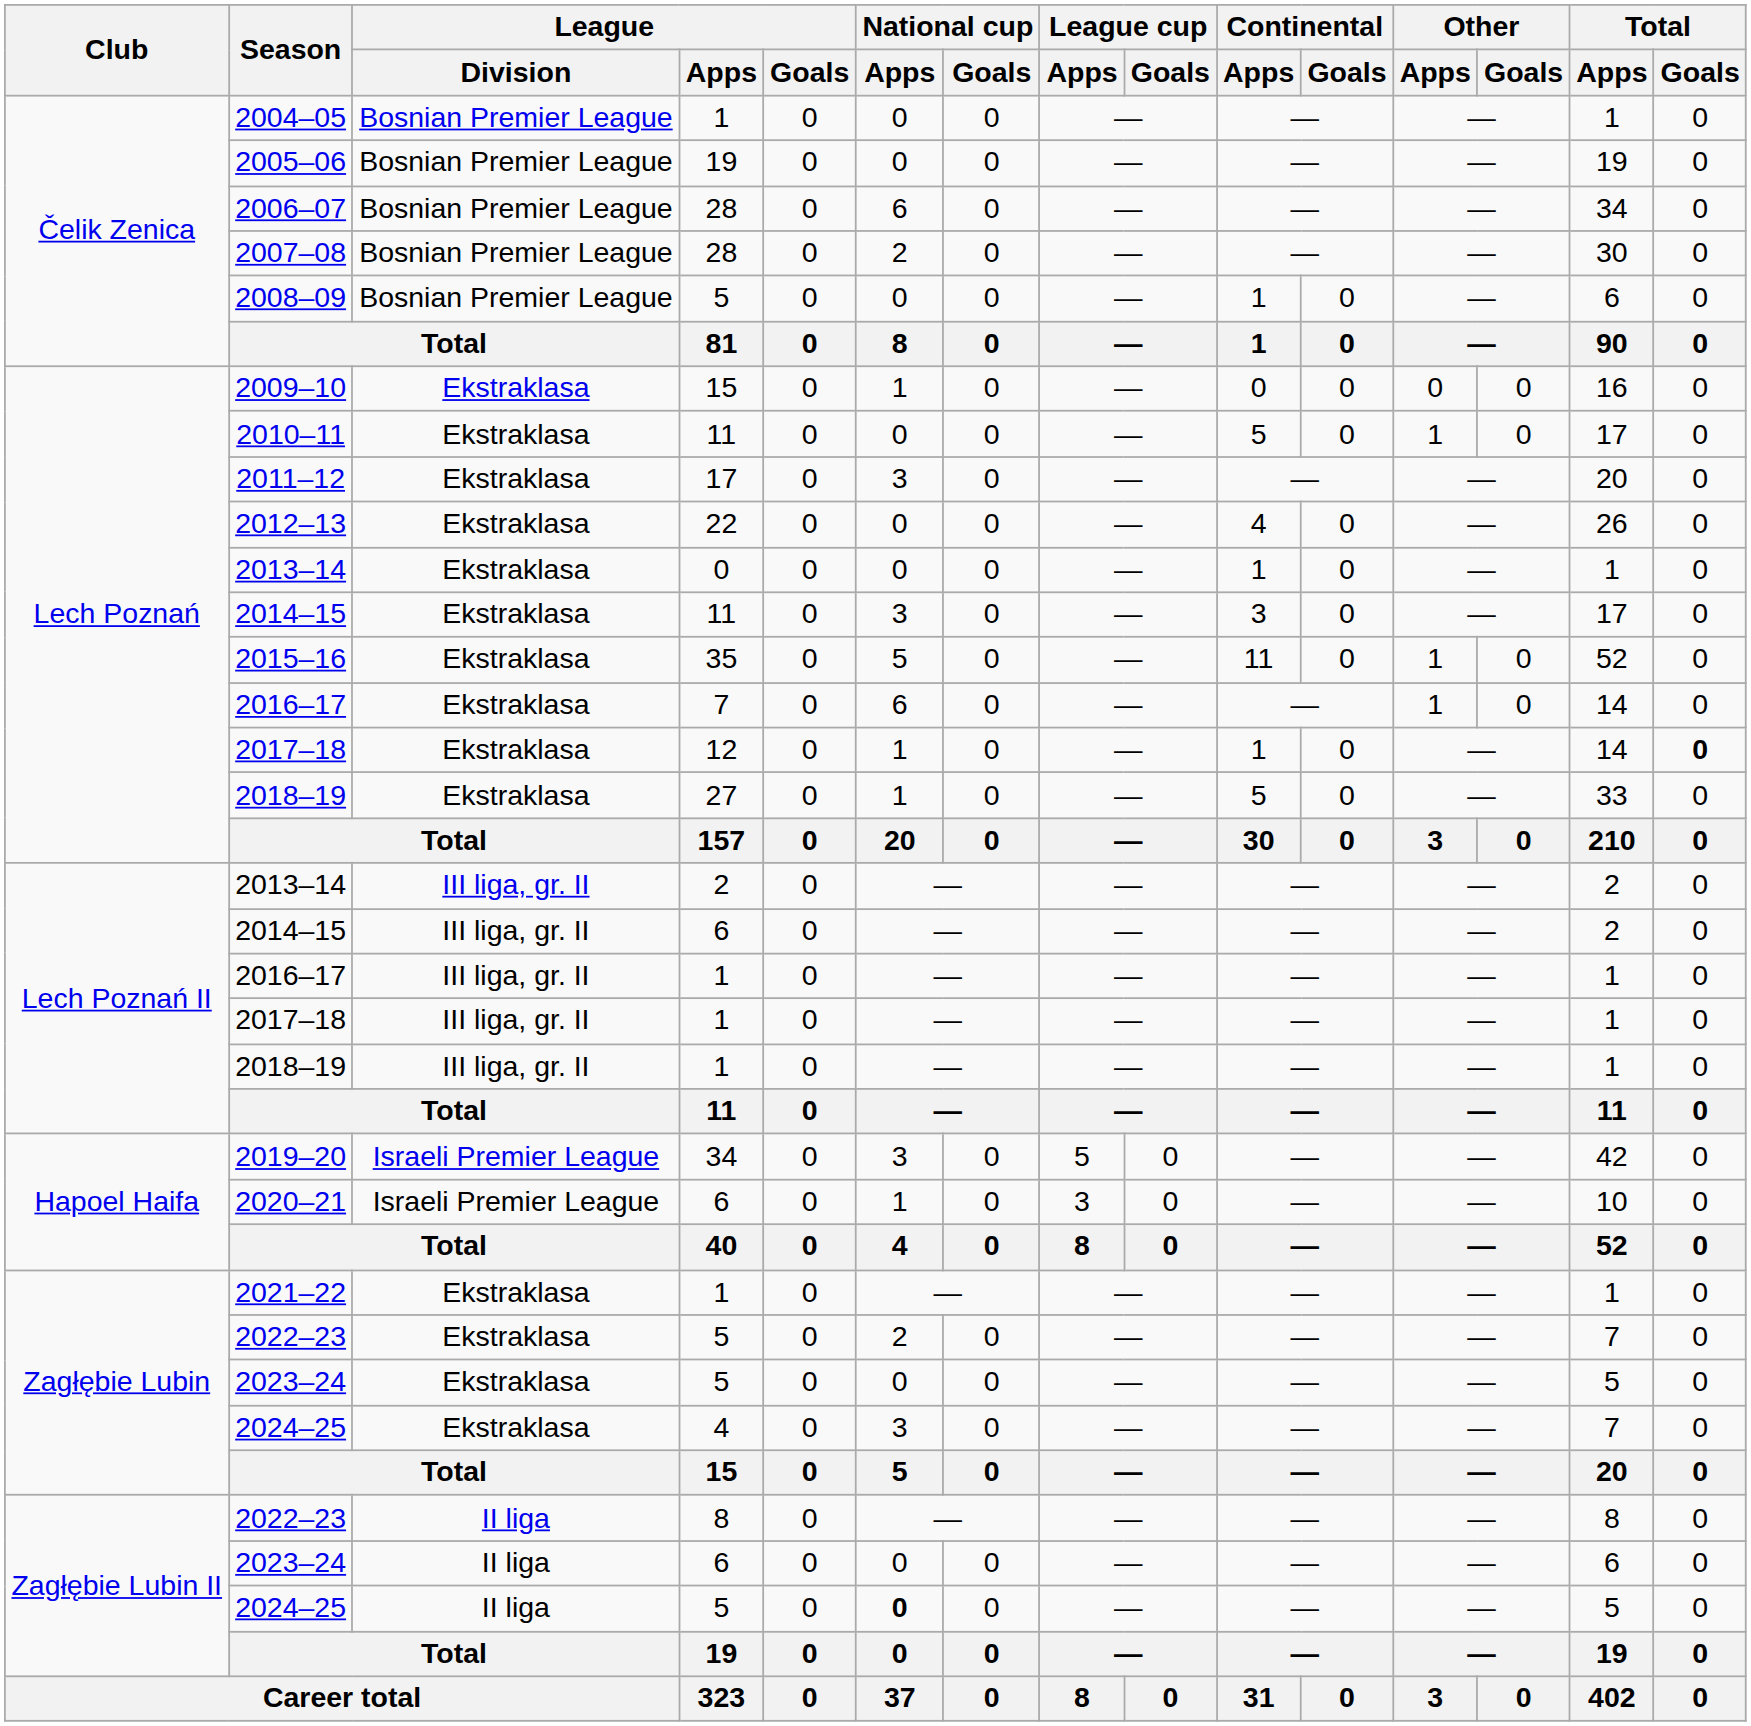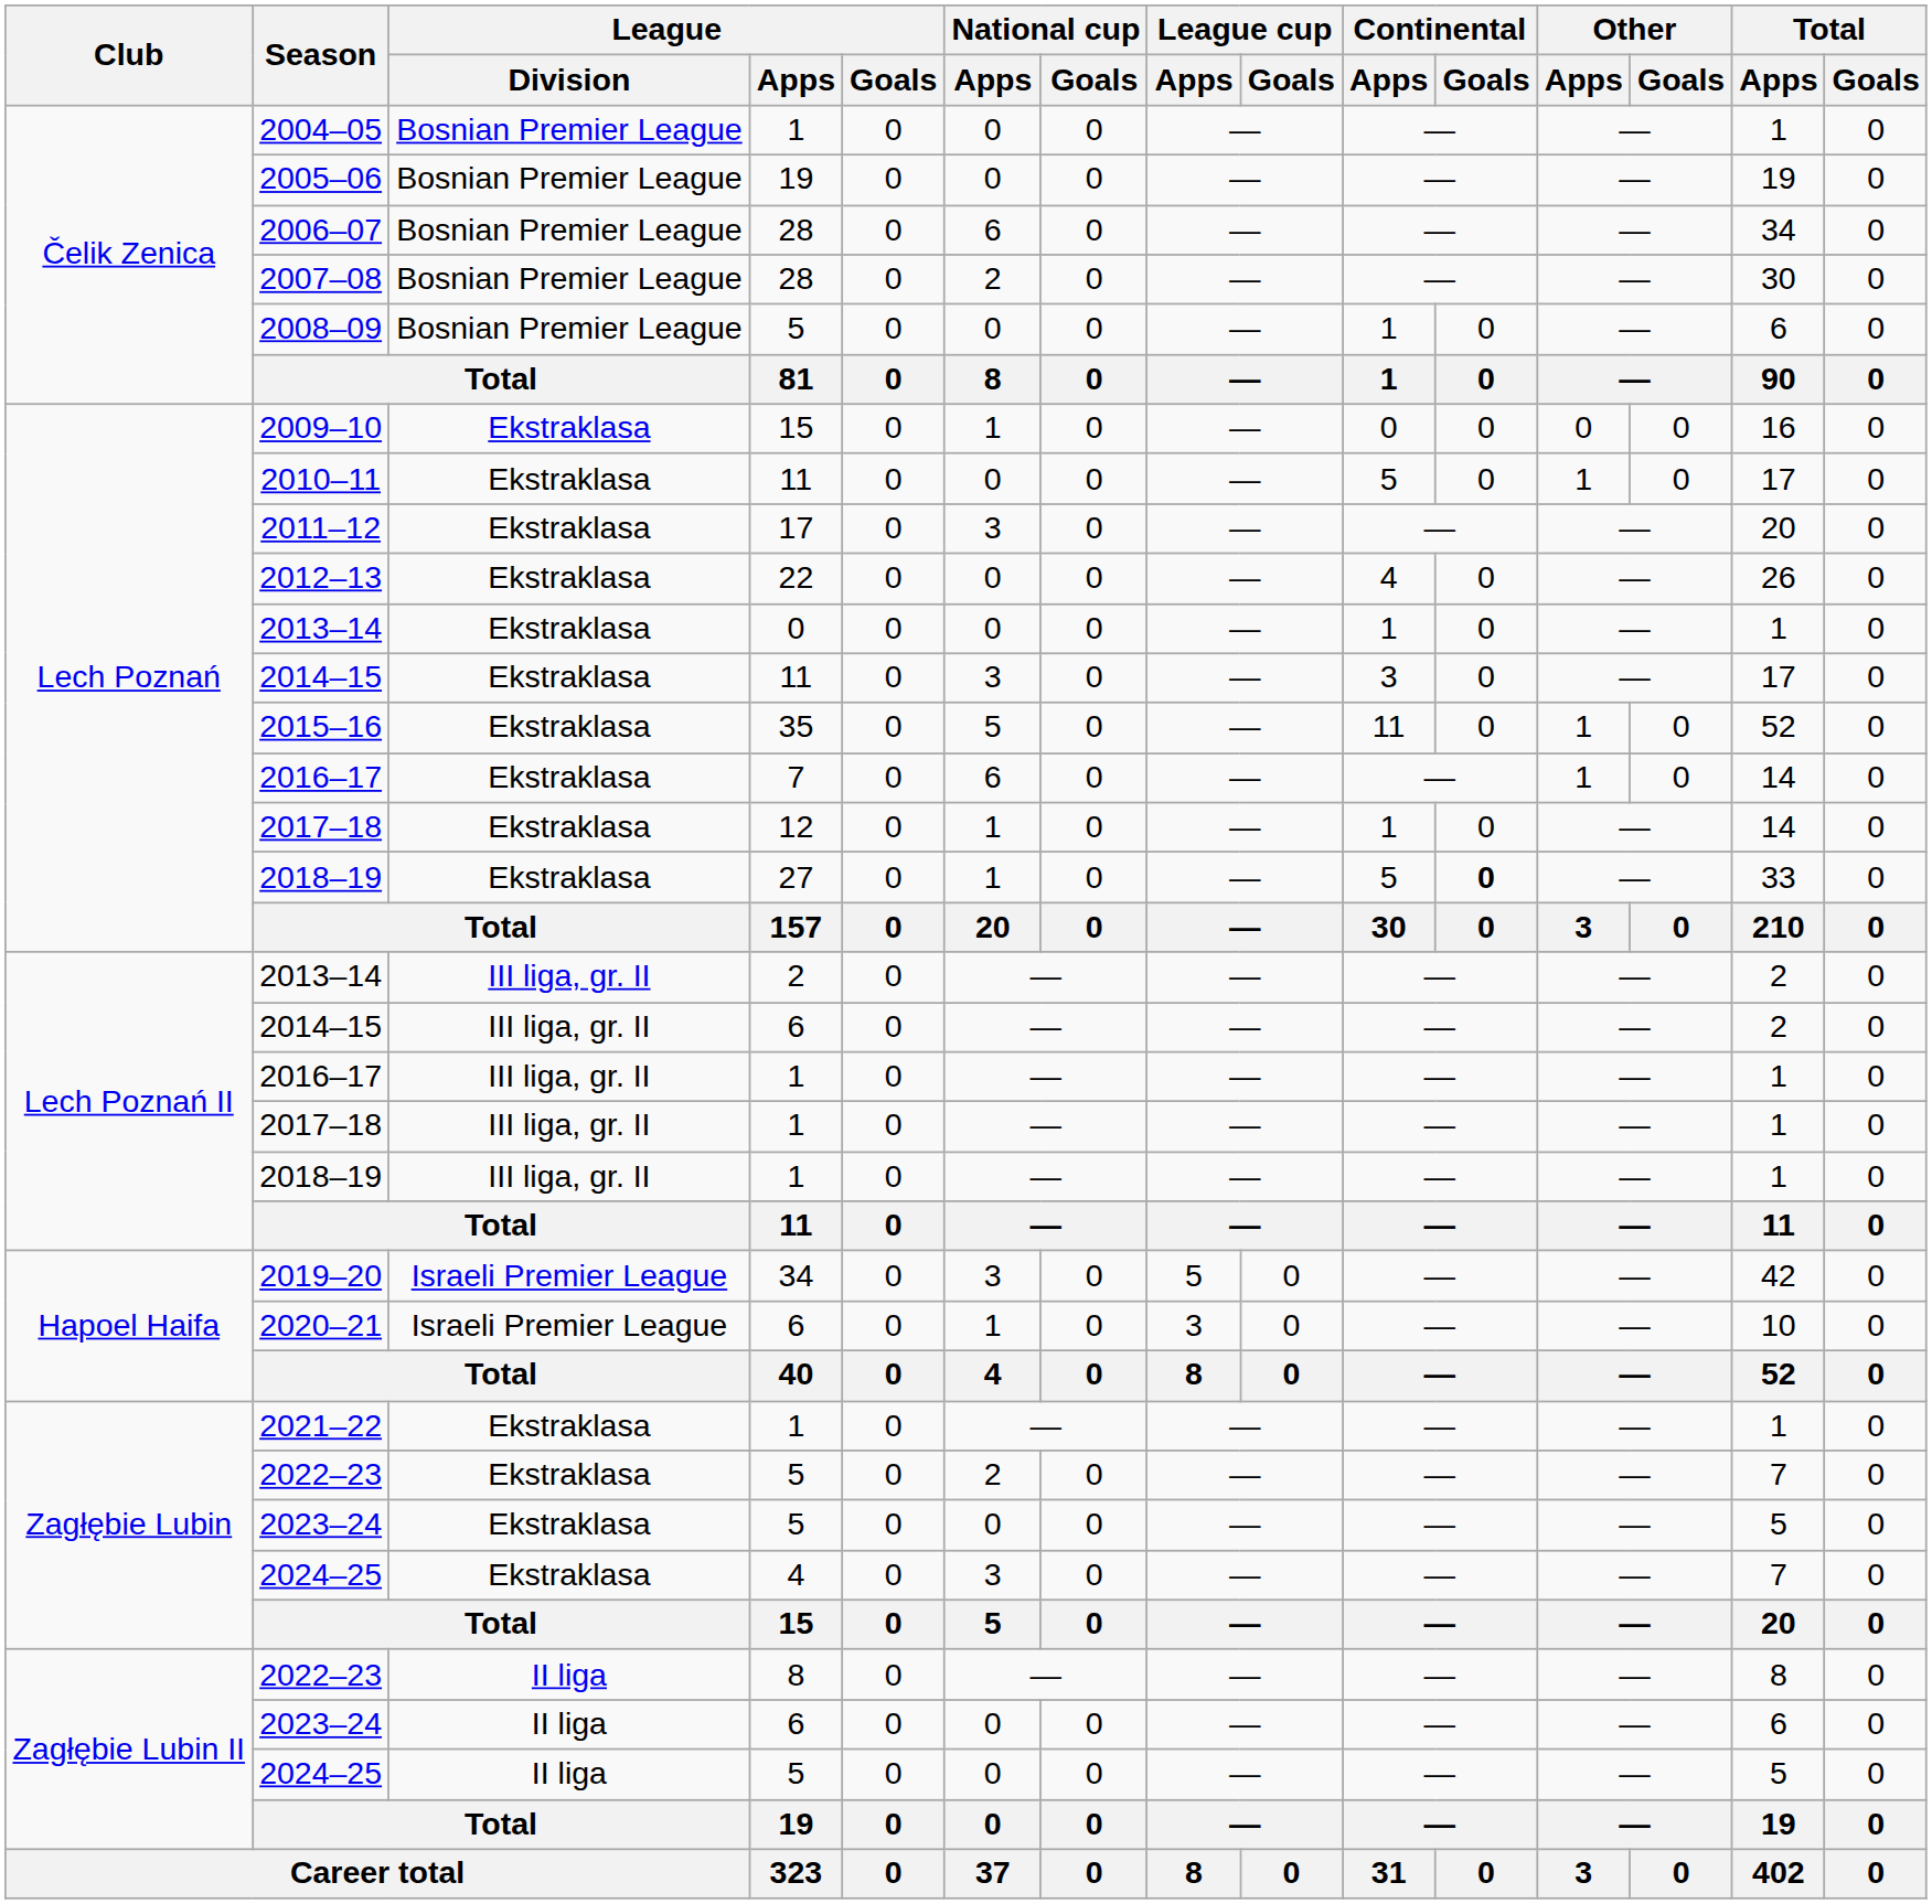 <table class="wikitable" style="text-align:center">
 <tr>
 <th rowspan=2>Club</th>
 <th rowspan=2>Season</th>
 <th colspan=3>League</th>
 <th colspan=2>National cup</th>
 <th colspan=2>League cup</th>
 <th colspan=2>Continental</th>
 <th colspan=2>Other</th>
 <th colspan=2>Total</th>
 </tr>
 <tr>
 <th>Division</th>
 <th>Apps</th>
 <th>Goals</th>
 <th>Apps</th>
 <th>Goals</th>
 <th>Apps</th>
 <th>Goals</th>
 <th>Apps</th>
 <th>Goals</th>
 <th>Apps</th>
 <th>Goals</th>
 <th>Apps</th>
 <th>Goals</th>
 </tr>
 <tr>
 <td rowspan=6><a href='#'>Čelik Zenica</a></td>
 <td><a href='#'>2004–05</a></td>
 <td><a href='#'>Bosnian Premier League</a></td>
 <td>1</td>
 <td>0</td>
 <td>0</td>
 <td>0</td>
 <td colspan=2>—</td>
 <td colspan=2>—</td>
 <td colspan=2>—</td>
 <td>1</td>
 <td>0</td>
 </tr>
 <tr>
 <td><a href='#'>2005–06</a></td>
 <td>Bosnian Premier League</td>
 <td>19</td>
 <td>0</td>
 <td>0</td>
 <td>0</td>
 <td colspan=2>—</td>
 <td colspan=2>—</td>
 <td colspan=2>—</td>
 <td>19</td>
 <td>0</td>
 </tr>
 <tr>
 <td><a href='#'>2006–07</a></td>
 <td>Bosnian Premier League</td>
 <td>28</td>
 <td>0</td>
 <td>6</td>
 <td>0</td>
 <td colspan=2>—</td>
 <td colspan=2>—</td>
 <td colspan=2>—</td>
 <td>34</td>
 <td>0</td>
 </tr>
 <tr>
 <td><a href='#'>2007–08</a></td>
 <td>Bosnian Premier League</td>
 <td>28</td>
 <td>0</td>
 <td>2</td>
 <td>0</td>
 <td colspan=2>—</td>
 <td colspan=2>—</td>
 <td colspan=2>—</td>
 <td>30</td>
 <td>0</td>
 </tr>
 <tr>
 <td><a href='#'>2008–09</a></td>
 <td>Bosnian Premier League</td>
 <td>5</td>
 <td>0</td>
 <td>0</td>
 <td>0</td>
 <td colspan=2>—</td>
 <td>1</td>
 <td>0</td>
 <td colspan=2>—</td>
 <td>6</td>
 <td>0</td>
 </tr>
 <tr>
 <th colspan=2>Total</th>
 <th>81</th>
 <th>0</th>
 <th>8</th>
 <th>0</th>
 <th colspan=2>—</th>
 <th>1</th>
 <th>0</th>
 <th colspan=2>—</th>
 <th>90</th>
 <th>0</th>
 </tr>
 <tr>
 <td rowspan=11><a href='#'>Lech Poznań</a></td>
 <td><a href='#'>2009–10</a></td>
 <td><a href='#'>Ekstraklasa</a></td>
 <td>15</td>
 <td>0</td>
 <td>1</td>
 <td>0</td>
 <td colspan=2>—</td>
 <td>0</td>
 <td>0</td>
 <td>0</td>
 <td>0</td>
 <td>16</td>
 <td>0</td>
 </tr>
 <tr>
 <td><a href='#'>2010–11</a></td>
 <td>Ekstraklasa</td>
 <td>11</td>
 <td>0</td>
 <td>0</td>
 <td>0</td>
 <td colspan=2>—</td>
 <td>5</td>
 <td>0</td>
 <td>1</td>
 <td>0</td>
 <td>17</td>
 <td>0</td>
 </tr>
 <tr>
 <td><a href='#'>2011–12</a></td>
 <td>Ekstraklasa</td>
 <td>17</td>
 <td>0</td>
 <td>3</td>
 <td>0</td>
 <td colspan=2>—</td>
 <td colspan=2>—</td>
 <td colspan=2>—</td>
 <td>20</td>
 <td>0</td>
 </tr>
 <tr>
 <td><a href='#'>2012–13</a></td>
 <td>Ekstraklasa</td>
 <td>22</td>
 <td>0</td>
 <td>0</td>
 <td>0</td>
 <td colspan=2>—</td>
 <td>4</td>
 <td>0</td>
 <td colspan=2>—</td>
 <td>26</td>
 <td>0</td>
 </tr>
 <tr>
 <td><a href='#'>2013–14</a></td>
 <td>Ekstraklasa</td>
 <td>0</td>
 <td>0</td>
 <td>0</td>
 <td>0</td>
 <td colspan=2>—</td>
 <td>1</td>
 <td>0</td>
 <td colspan=2>—</td>
 <td>1</td>
 <td>0</td>
 </tr>
 <tr>
 <td><a href='#'>2014–15</a></td>
 <td>Ekstraklasa</td>
 <td>11</td>
 <td>0</td>
 <td>3</td>
 <td>0</td>
 <td colspan=2>—</td>
 <td>3</td>
 <td>0</td>
 <td colspan=2>—</td>
 <td>17</td>
 <td>0</td>
 </tr>
 <tr>
 <td><a href='#'>2015–16</a></td>
 <td>Ekstraklasa</td>
 <td>35</td>
 <td>0</td>
 <td>5</td>
 <td>0</td>
 <td colspan=2>—</td>
 <td>11</td>
 <td>0</td>
 <td>1</td>
 <td>0</td>
 <td>52</td>
 <td>0</td>
 </tr>
 <tr>
 <td><a href='#'>2016–17</a></td>
 <td>Ekstraklasa</td>
 <td>7</td>
 <td>0</td>
 <td>6</td>
 <td>0</td>
 <td colspan=2>—</td>
 <td colspan=2>—</td>
 <td>1</td>
 <td>0</td>
 <td>14</td>
 <td>0</td>
 </tr>
 <tr>
 <td><a href='#'>2017–18</a></td>
 <td>Ekstraklasa</td>
 <td>12</td>
 <td>0</td>
 <td>1</td>
 <td>0</td>
 <td colspan=2>—</td>
 <td>1</td>
 <td>0</td>
 <td colspan=2>—</td>
 <td>14</td>
-<td><strong>0</strong></td>
+<td>0</td>
 </tr>
 <tr>
 <td><a href='#'>2018–19</a></td>
 <td>Ekstraklasa</td>
 <td>27</td>
 <td>0</td>
 <td>1</td>
 <td>0</td>
 <td colspan=2>—</td>
 <td>5</td>
-<td>0</td>
+<td><strong>0</strong></td>
 <td colspan=2>—</td>
 <td>33</td>
 <td>0</td>
 </tr>
 <tr>
 <th colspan=2>Total</th>
 <th>157</th>
 <th>0</th>
 <th>20</th>
 <th>0</th>
 <th colspan=2>—</th>
 <th>30</th>
 <th>0</th>
 <th>3</th>
 <th>0</th>
 <th>210</th>
 <th>0</th>
 </tr>
 <tr>
 <td rowspan=6><a href='#'>Lech Poznań II</a></td>
 <td>2013–14</td>
 <td><a href='#'>III liga, gr. II</a></td>
 <td>2</td>
 <td>0</td>
 <td colspan=2>—</td>
 <td colspan=2>—</td>
 <td colspan=2>—</td>
 <td colspan=2>—</td>
 <td>2</td>
 <td>0</td>
 </tr>
 <tr>
 <td>2014–15</td>
 <td>III liga, gr. II</td>
 <td>6</td>
 <td>0</td>
 <td colspan=2>—</td>
 <td colspan=2>—</td>
 <td colspan=2>—</td>
 <td colspan=2>—</td>
 <td>2</td>
 <td>0</td>
 </tr>
 <tr>
 <td>2016–17</td>
 <td>III liga, gr. II</td>
 <td>1</td>
 <td>0</td>
 <td colspan=2>—</td>
 <td colspan=2>—</td>
 <td colspan=2>—</td>
 <td colspan=2>—</td>
 <td>1</td>
 <td>0</td>
 </tr>
 <tr>
 <td>2017–18</td>
 <td>III liga, gr. II</td>
 <td>1</td>
 <td>0</td>
 <td colspan=2>—</td>
 <td colspan=2>—</td>
 <td colspan=2>—</td>
 <td colspan=2>—</td>
 <td>1</td>
 <td>0</td>
 </tr>
 <tr>
 <td>2018–19</td>
 <td>III liga, gr. II</td>
 <td>1</td>
 <td>0</td>
 <td colspan=2>—</td>
 <td colspan=2>—</td>
 <td colspan=2>—</td>
 <td colspan=2>—</td>
 <td>1</td>
 <td>0</td>
 </tr>
 <tr>
 <th colspan=2>Total</th>
 <th>11</th>
 <th>0</th>
 <th colspan=2>—</th>
 <th colspan=2>—</th>
 <th colspan=2>—</th>
 <th colspan=2>—</th>
 <th>11</th>
 <th>0</th>
 </tr>
 <tr>
 <td rowspan=3><a href='#'>Hapoel Haifa</a></td>
 <td><a href='#'>2019–20</a></td>
 <td><a href='#'>Israeli Premier League</a></td>
 <td>34</td>
 <td>0</td>
 <td>3</td>
 <td>0</td>
 <td>5</td>
 <td>0</td>
 <td colspan=2>—</td>
 <td colspan=2>—</td>
 <td>42</td>
 <td>0</td>
 </tr>
 <tr>
 <td><a href='#'>2020–21</a></td>
 <td>Israeli Premier League</td>
 <td>6</td>
 <td>0</td>
 <td>1</td>
 <td>0</td>
 <td>3</td>
 <td>0</td>
 <td colspan=2>—</td>
 <td colspan=2>—</td>
 <td>10</td>
 <td>0</td>
 </tr>
 <tr>
 <th colspan=2>Total</th>
 <th>40</th>
 <th>0</th>
 <th>4</th>
 <th>0</th>
 <th>8</th>
 <th>0</th>
 <th colspan=2>—</th>
 <th colspan=2>—</th>
 <th>52</th>
 <th>0</th>
 </tr>
 <tr>
 <td rowspan=5><a href='#'>Zagłębie Lubin</a></td>
 <td><a href='#'>2021–22</a></td>
 <td>Ekstraklasa</td>
 <td>1</td>
 <td>0</td>
 <td colspan=2>—</td>
 <td colspan=2>—</td>
 <td colspan=2>—</td>
 <td colspan=2>—</td>
 <td>1</td>
 <td>0</td>
 </tr>
 <tr>
 <td><a href='#'>2022–23</a></td>
 <td>Ekstraklasa</td>
 <td>5</td>
 <td>0</td>
 <td>2</td>
 <td>0</td>
 <td colspan=2>—</td>
 <td colspan=2>—</td>
 <td colspan=2>—</td>
 <td>7</td>
 <td>0</td>
 </tr>
 <tr>
 <td><a href='#'>2023–24</a></td>
 <td>Ekstraklasa</td>
 <td>5</td>
 <td>0</td>
 <td>0</td>
 <td>0</td>
 <td colspan=2>—</td>
 <td colspan=2>—</td>
 <td colspan=2>—</td>
 <td>5</td>
 <td>0</td>
 </tr>
 <tr>
 <td><a href='#'>2024–25</a></td>
 <td>Ekstraklasa</td>
 <td>4</td>
 <td>0</td>
 <td>3</td>
 <td>0</td>
 <td colspan=2>—</td>
 <td colspan=2>—</td>
 <td colspan=2>—</td>
 <td>7</td>
 <td>0</td>
 </tr>
 <tr>
 <th colspan=2>Total</th>
 <th>15</th>
 <th>0</th>
 <th>5</th>
 <th>0</th>
 <th colspan=2>—</th>
 <th colspan=2>—</th>
 <th colspan=2>—</th>
 <th>20</th>
 <th>0</th>
 </tr>
 <tr>
 <td rowspan=4><a href='#'>Zagłębie Lubin II</a></td>
 <td><a href='#'>2022–23</a></td>
 <td><a href='#'>II liga</a></td>
 <td>8</td>
 <td>0</td>
 <td colspan=2>—</td>
 <td colspan=2>—</td>
 <td colspan=2>—</td>
 <td colspan=2>—</td>
 <td>8</td>
 <td>0</td>
 </tr>
 <tr>
 <td><a href='#'>2023–24</a></td>
 <td>II liga</td>
 <td>6</td>
 <td>0</td>
 <td>0</td>
 <td>0</td>
 <td colspan=2>—</td>
 <td colspan=2>—</td>
 <td colspan=2>—</td>
 <td>6</td>
 <td>0</td>
 </tr>
 <tr>
 <td><a href='#'>2024–25</a></td>
 <td>II liga</td>
 <td>5</td>
 <td>0</td>
-<td><strong>0</strong></td>
+<td>0</td>
 <td>0</td>
 <td colspan=2>—</td>
 <td colspan=2>—</td>
 <td colspan=2>—</td>
 <td>5</td>
 <td>0</td>
 </tr>
 <tr>
 <th colspan=2>Total</th>
 <th>19</th>
 <th>0</th>
 <th>0</th>
 <th>0</th>
 <th colspan=2>—</th>
 <th colspan=2>—</th>
 <th colspan=2>—</th>
 <th>19</th>
 <th>0</th>
 </tr>
 <tr>
 <th colspan=3>Career total</th>
 <th>323</th>
 <th>0</th>
 <th>37</th>
 <th>0</th>
 <th>8</th>
 <th>0</th>
 <th>31</th>
 <th>0</th>
 <th>3</th>
 <th>0</th>
 <th>402</th>
 <th>0</th>
 </tr>
 </table>
